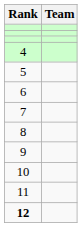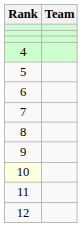 <table class="wikitable" style="text-align: center;">
 <tr>
 <th width=40>Rank</th>
 <th>Team</th>
 </tr>
 <tr bgcolor=#ccffcc>
 <td></td>
 <td style="text-align:left;"></td>
 </tr>
 <tr bgcolor=#ccffcc>
 <td></td>
 <td style="text-align:left;"></td>
 </tr>
 <tr bgcolor=#ccffcc>
 <td></td>
 <td style="text-align:left;"></td>
 </tr>
 <tr bgcolor=#ccffcc>
 <td>4</td>
 <td style="text-align:left;"></td>
 </tr>
 <tr>
 <td>5</td>
 <td style="text-align:left;"></td>
 </tr>
 <tr>
 <td>6</td>
 <td style="text-align:left;"></td>
 </tr>
 <tr>
 <td>7</td>
 <td style="text-align:left;"></td>
 </tr>
 <tr>
 <td>8</td>
 <td style="text-align:left;"></td>
 </tr>
 <tr>
 <td>9</td>
 <td style="text-align:left;"></td>
 </tr>
 <tr>
-<td>10</td>
+<td style="background: lightyellow;">10</td>
 <td style="text-align:left;"></td>
 </tr>
 <tr>
 <td>11</td>
 <td style="text-align:left;"></td>
 </tr>
 <tr>
-<td><strong>12</strong></td>
+<td>12</td>
 <td style="text-align:left;"></td>
 </tr>
 </table>
